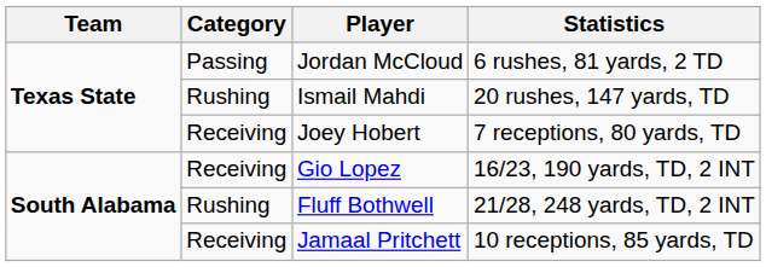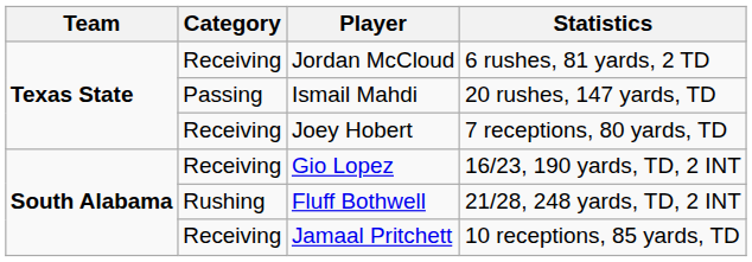 <table class="wikitable" style="float: right;">
 <tr>
 <th>Team</th>
 <th>Category</th>
 <th>Player</th>
 <th>Statistics</th>
 </tr>
 <tr>
 <td rowspan=3><strong>Texas State</strong></td>
-<td>Passing</td>
+<td>Receiving</td>
 <td>Jordan McCloud</td>
 <td>6 rushes, 81 yards, 2 TD</td>
 </tr>
 <tr>
-<td>Rushing</td>
+<td>Passing</td>
 <td>Ismail Mahdi</td>
 <td>20 rushes, 147 yards, TD</td>
 </tr>
 <tr>
 <td>Receiving</td>
 <td>Joey Hobert</td>
 <td>7 receptions, 80 yards, TD</td>
 </tr>
 <tr>
 <td rowspan=3><strong>South Alabama</strong></td>
 <td>Receiving</td>
 <td><a href='#'>Gio Lopez</a></td>
 <td>16/23, 190 yards, TD, 2 INT</td>
 </tr>
 <tr>
 <td>Rushing</td>
 <td><a href='#'>Fluff Bothwell</a></td>
 <td>21/28, 248 yards, TD, 2 INT</td>
 </tr>
 <tr>
 <td>Receiving</td>
 <td><a href='#'>Jamaal Pritchett</a></td>
 <td>10 receptions, 85 yards, TD</td>
 </tr>
 </table>
